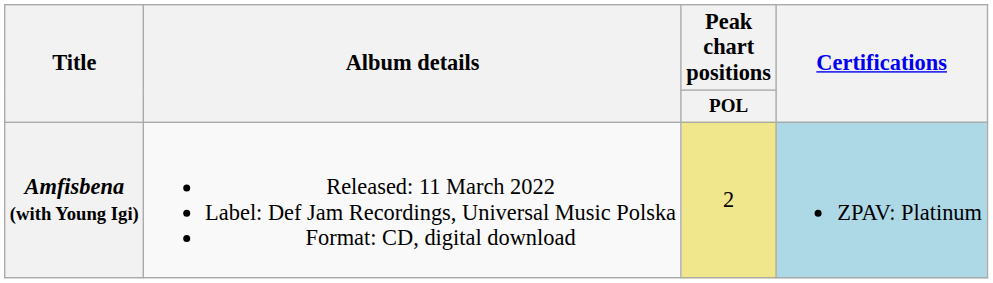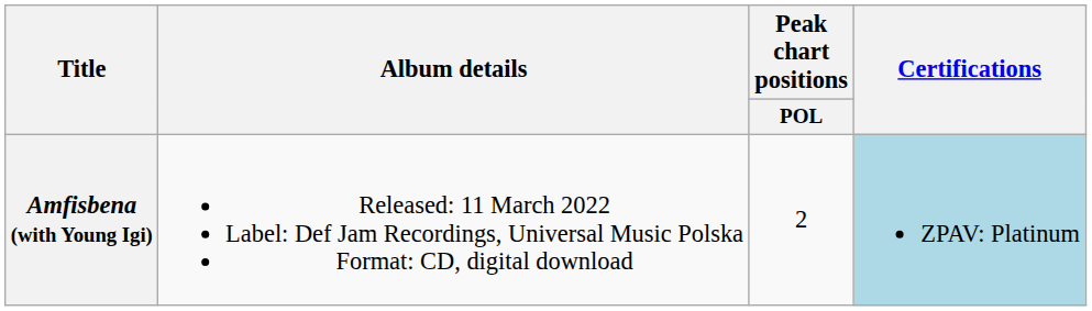 <table class="wikitable plainrowheaders" style="text-align:center;">
 <tr>
 <th rowspan=2>Title</th>
 <th rowspan=2>Album details</th>
 <th>Peak chart positions</th>
 <th rowspan=2><a href='#'>Certifications</a></th>
 </tr>
 <tr>
 <th scope="col" style="width:3em;font-size:85%;">POL</th>
 </tr>
 <tr>
 <th scope="row"><em>Amfisbena</em><br><small>(with Young Igi)</small></th>
 <td><br><ul><li>Released: 11 March 2022</li><li>Label: Def Jam Recordings, Universal Music Polska</li><li>Format: CD, digital download</li></ul></td>
-<td style="background: khaki;">2</td>
+<td>2</td>
 <td style="background: lightblue;"><br><ul><li>ZPAV: Platinum</li></ul></td>
 </tr>
 </table>
